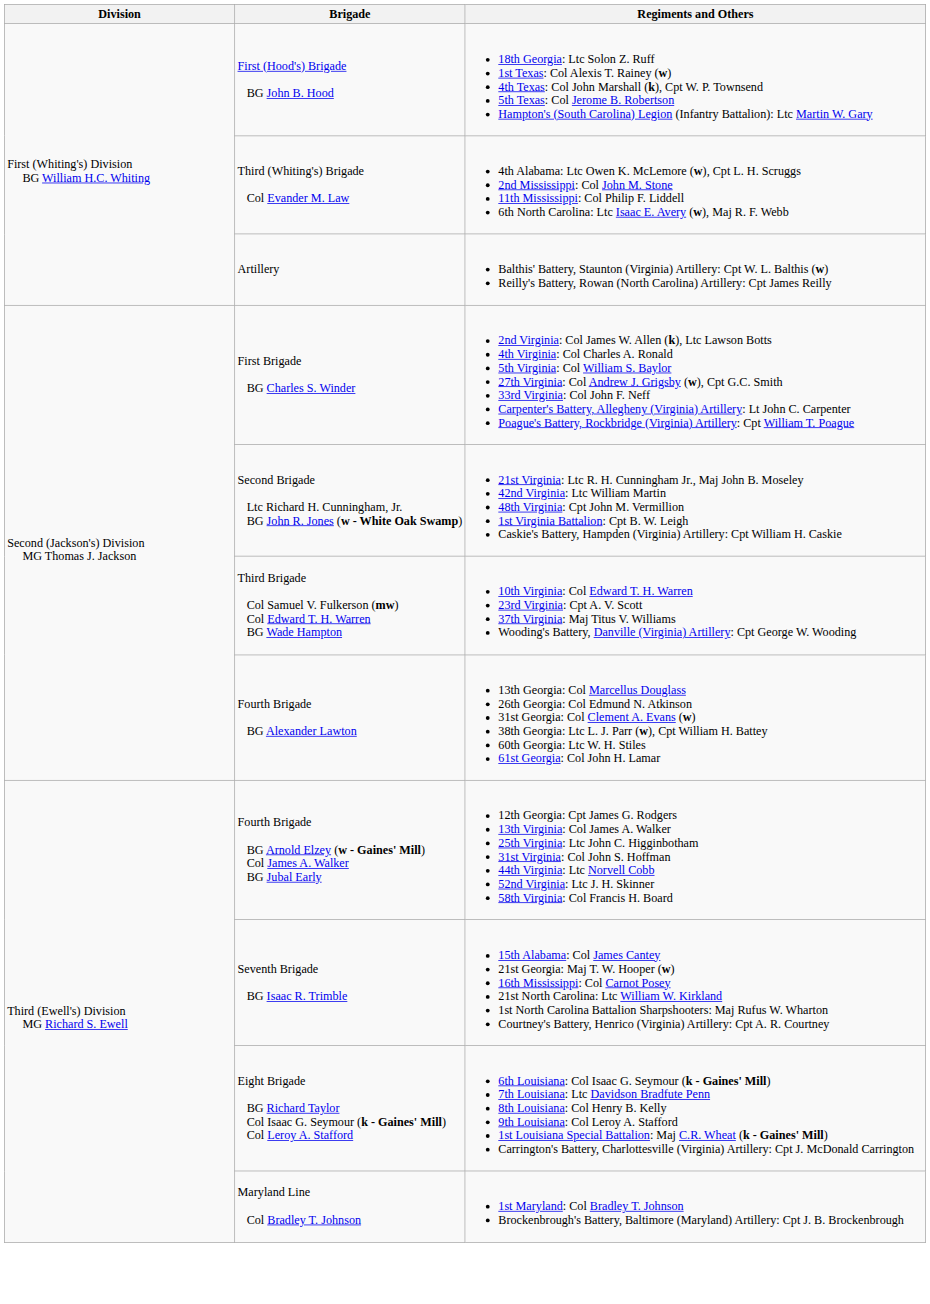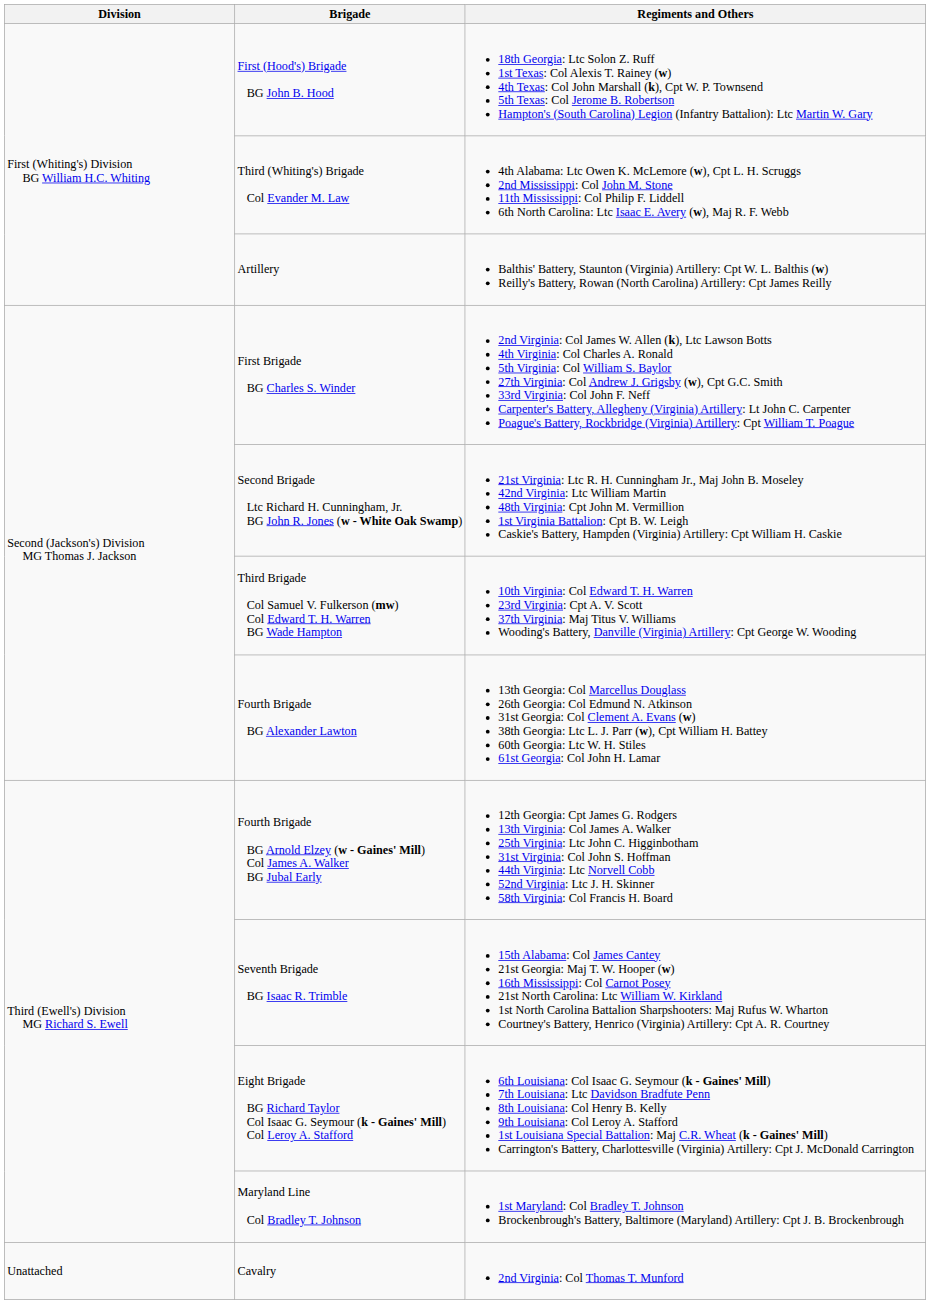 <table class="wikitable">
 <tr>
 <th width=25%>Division</th>
 <th width=25%>Brigade</th>
 <th>Regiments and Others</th>
 </tr>
 <tr>
 <td rowspan=3><br>First (Whiting's) Division <br>     BG <a href='#'>William H.C. Whiting</a></td>
 <td><a href='#'>First (Hood's) Brigade</a><br><br>   BG <a href='#'>John B. Hood</a></td>
 <td><br><ul><li><a href='#'>18th Georgia</a>: Ltc Solon Z. Ruff</li><li><a href='#'>1st Texas</a>: Col Alexis T. Rainey (<strong>w</strong>)</li><li><a href='#'>4th Texas</a>: Col John Marshall (<strong>k</strong>), Cpt W. P. Townsend</li><li><a href='#'>5th Texas</a>: Col <a href='#'>Jerome B. Robertson</a></li><li><a href='#'>Hampton's (South Carolina) Legion</a> (Infantry Battalion): Ltc <a href='#'>Martin W. Gary</a></li></ul></td>
 </tr>
 <tr>
 <td>Third (Whiting's) Brigade<br><br>   Col <a href='#'>Evander M. Law</a></td>
 <td><br><ul><li>4th Alabama: Ltc Owen K. McLemore (<strong>w</strong>), Cpt L. H. Scruggs</li><li><a href='#'>2nd Mississippi</a>: Col <a href='#'>John M. Stone</a></li><li><a href='#'>11th Mississippi</a>: Col Philip F. Liddell</li><li>6th North Carolina: Ltc <a href='#'>Isaac E. Avery</a> (<strong>w</strong>), Maj R. F. Webb</li></ul></td>
 </tr>
 <tr>
 <td>Artillery</td>
 <td><br><ul><li>Balthis' Battery, Staunton (Virginia) Artillery: Cpt W. L. Balthis (<strong>w</strong>)</li><li>Reilly's Battery, Rowan (North Carolina) Artillery: Cpt James Reilly</li></ul></td>
 </tr>
 <tr>
 <td rowspan=4><br>Second (Jackson's) Division <br>     MG Thomas J. Jackson</td>
 <td>First Brigade<br><br>   BG <a href='#'>Charles S. Winder</a></td>
 <td><br><ul><li><a href='#'>2nd Virginia</a>: Col James W. Allen (<strong>k</strong>), Ltc Lawson Botts</li><li><a href='#'>4th Virginia</a>: Col Charles A. Ronald</li><li><a href='#'>5th Virginia</a>: Col <a href='#'>William S. Baylor</a></li><li><a href='#'>27th Virginia</a>: Col <a href='#'>Andrew J. Grigsby</a> (<strong>w</strong>), Cpt G.C. Smith</li><li><a href='#'>33rd Virginia</a>: Col John F. Neff</li><li><a href='#'>Carpenter's Battery, Allegheny (Virginia) Artillery</a>: Lt John C. Carpenter</li><li><a href='#'>Poague's Battery, Rockbridge (Virginia) Artillery</a>: Cpt <a href='#'>William T. Poague</a></li></ul></td>
 </tr>
 <tr>
 <td>Second Brigade<br><br>   Ltc Richard H. Cunningham, Jr. <br>   BG <a href='#'>John R. Jones</a> (<strong>w - White Oak Swamp</strong>)</td>
 <td><br><ul><li><a href='#'>21st Virginia</a>: Ltc R. H. Cunningham Jr., Maj John B. Moseley</li><li><a href='#'>42nd Virginia</a>: Ltc William Martin</li><li><a href='#'>48th Virginia</a>: Cpt John M. Vermillion</li><li><a href='#'>1st Virginia Battalion</a>: Cpt B. W. Leigh</li><li>Caskie's Battery, Hampden (Virginia) Artillery: Cpt William H. Caskie</li></ul></td>
 </tr>
 <tr>
 <td>Third Brigade<br><br>   Col Samuel V. Fulkerson (<strong>mw</strong>) <br>   Col <a href='#'>Edward T. H. Warren</a> <br>   BG <a href='#'>Wade Hampton</a></td>
 <td><br><ul><li><a href='#'>10th Virginia</a>: Col <a href='#'>Edward T. H. Warren</a></li><li><a href='#'>23rd Virginia</a>: Cpt A. V. Scott</li><li><a href='#'>37th Virginia</a>: Maj Titus V. Williams</li><li>Wooding's Battery, <a href='#'>Danville (Virginia) Artillery</a>: Cpt George W. Wooding</li></ul></td>
 </tr>
 <tr>
 <td>Fourth Brigade<br><br>   BG <a href='#'>Alexander Lawton</a></td>
 <td><br><ul><li>13th Georgia: Col <a href='#'>Marcellus Douglass</a></li><li>26th Georgia: Col Edmund N. Atkinson</li><li>31st Georgia: Col <a href='#'>Clement A. Evans</a> (<strong>w</strong>)</li><li>38th Georgia: Ltc L. J. Parr (<strong>w</strong>), Cpt William H. Battey</li><li>60th Georgia: Ltc W. H. Stiles</li><li><a href='#'>61st Georgia</a>: Col John H. Lamar</li></ul></td>
 </tr>
 <tr>
 <td rowspan=4><br>Third (Ewell's) Division <br>     MG <a href='#'>Richard S. Ewell</a></td>
 <td>Fourth Brigade<br><br>   BG <a href='#'>Arnold Elzey</a> (<strong>w - Gaines' Mill</strong>) <br>   Col <a href='#'>James A. Walker</a> <br>   BG <a href='#'>Jubal Early</a></td>
 <td><br><ul><li>12th Georgia: Cpt James G. Rodgers</li><li><a href='#'>13th Virginia</a>: Col James A. Walker</li><li><a href='#'>25th Virginia</a>: Ltc John C. Higginbotham</li><li><a href='#'>31st Virginia</a>: Col John S. Hoffman</li><li><a href='#'>44th Virginia</a>: Ltc <a href='#'>Norvell Cobb</a></li><li><a href='#'>52nd Virginia</a>: Ltc J. H. Skinner</li><li><a href='#'>58th Virginia</a>: Col Francis H. Board</li></ul></td>
 </tr>
 <tr>
 <td>Seventh Brigade<br><br>   BG <a href='#'>Isaac R. Trimble</a></td>
 <td><br><ul><li><a href='#'>15th Alabama</a>: Col <a href='#'>James Cantey</a></li><li>21st Georgia: Maj T. W. Hooper (<strong>w</strong>)</li><li><a href='#'>16th Mississippi</a>: Col <a href='#'>Carnot Posey</a></li><li>21st North Carolina: Ltc <a href='#'>William W. Kirkland</a></li><li>1st North Carolina Battalion Sharpshooters: Maj Rufus W. Wharton</li><li>Courtney's Battery, Henrico (Virginia) Artillery: Cpt A. R. Courtney</li></ul></td>
 </tr>
 <tr>
 <td>Eight Brigade<br><br>   BG <a href='#'>Richard Taylor</a> <br>   Col Isaac G. Seymour (<strong>k - Gaines' Mill</strong>) <br>   Col <a href='#'>Leroy A. Stafford</a></td>
 <td><br><ul><li><a href='#'>6th Louisiana</a>: Col Isaac G. Seymour (<strong>k - Gaines' Mill</strong>)</li><li><a href='#'>7th Louisiana</a>: Ltc <a href='#'>Davidson Bradfute Penn</a></li><li><a href='#'>8th Louisiana</a>: Col Henry B. Kelly</li><li><a href='#'>9th Louisiana</a>: Col Leroy A. Stafford</li><li><a href='#'>1st Louisiana Special Battalion</a>: Maj <a href='#'>C.R. Wheat</a> (<strong>k - Gaines' Mill</strong>)</li><li>Carrington's Battery, Charlottesville (Virginia) Artillery: Cpt J. McDonald Carrington</li></ul></td>
 </tr>
 <tr>
 <td>Maryland Line<br><br>   Col <a href='#'>Bradley T. Johnson</a></td>
 <td><br><ul><li><a href='#'>1st Maryland</a>: Col <a href='#'>Bradley T. Johnson</a></li><li>Brockenbrough's Battery, Baltimore (Maryland) Artillery: Cpt J. B. Brockenbrough</li></ul></td>
 </tr>
+<tr>
+<td>Unattached</td>
+<td>Cavalry</td>
+<td><br><ul><li><a href='#'>2nd Virginia</a>: Col <a href='#'>Thomas T. Munford</a></li></ul></td>
+</tr>
 </table>
